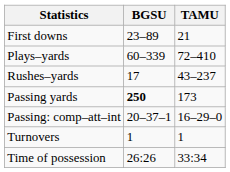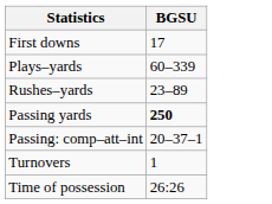 <table class="wikitable" style="float:left">
 <tr>
 <th>Statistics</th>
 <th>BGSU</th>
-<th>TAMU</th>
 </tr>
 <tr>
 <td>First downs</td>
-<td>23–89</td>
-<td>21</td>
+<td>17</td>
 </tr>
 <tr>
 <td>Plays–yards</td>
 <td>60–339</td>
-<td>72–410</td>
 </tr>
 <tr>
 <td>Rushes–yards</td>
-<td>17</td>
-<td>43–237</td>
+<td>23–89</td>
 </tr>
 <tr>
 <td>Passing yards</td>
 <td><strong>250</strong></td>
-<td>173</td>
 </tr>
 <tr>
 <td>Passing: comp–att–int</td>
 <td>20–37–1</td>
-<td>16–29–0</td>
 </tr>
 <tr>
 <td>Turnovers</td>
-<td>1</td>
 <td>1</td>
 </tr>
 <tr>
 <td>Time of possession</td>
 <td>26:26</td>
-<td>33:34</td>
 </tr>
 </table>
